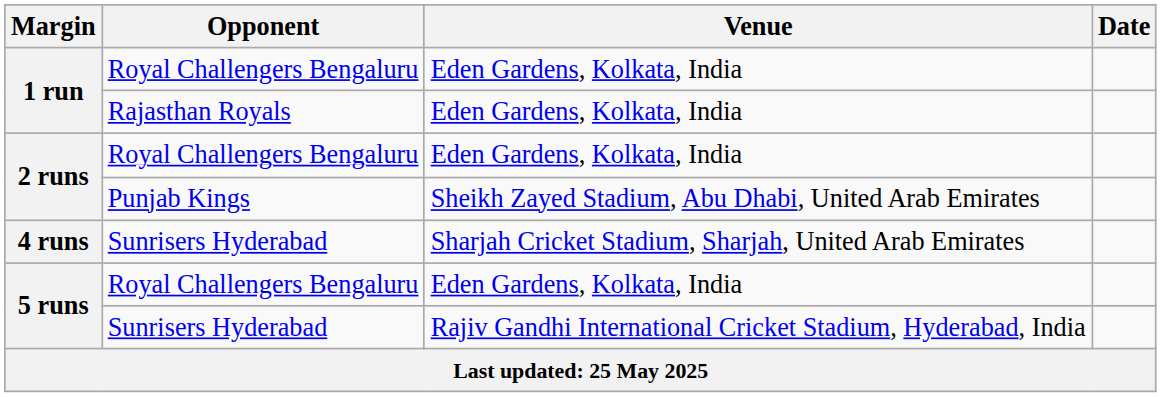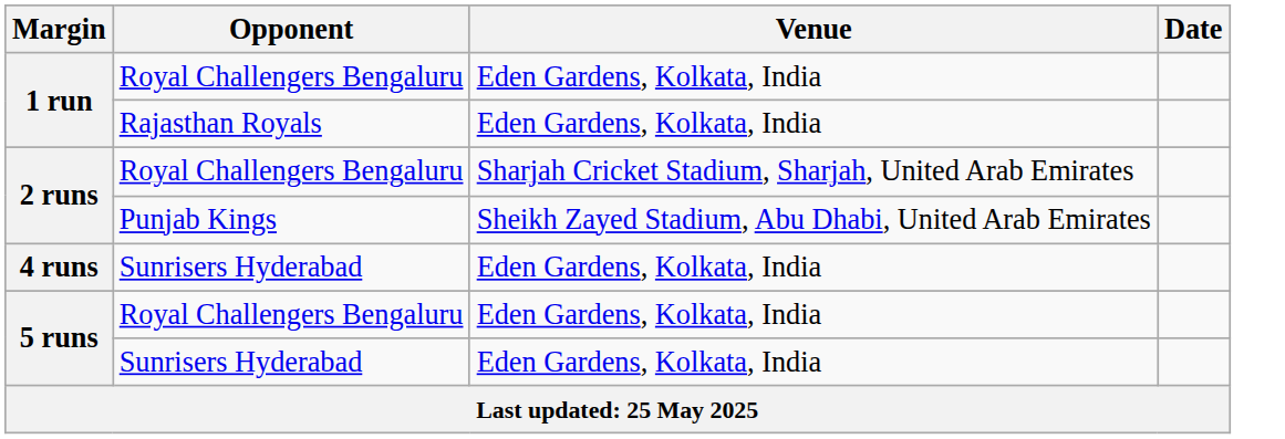 <table class="wikitable sortable" style="text-align:left;font-size:96%;">
 <tr>
 <th>Margin</th>
 <th>Opponent</th>
 <th>Venue</th>
 <th>Date</th>
 </tr>
 <tr>
 <th rowspan="2">1 run</th>
 <td><a href='#'>Royal Challengers Bengaluru</a></td>
 <td><a href='#'>Eden Gardens</a>, <a href='#'>Kolkata</a>, India</td>
 <td></td>
 </tr>
 <tr>
 <td><a href='#'>Rajasthan Royals</a></td>
 <td><a href='#'>Eden Gardens</a>, <a href='#'>Kolkata</a>, India</td>
 <td></td>
 </tr>
 <tr>
 <th rowspan="2">2 runs</th>
 <td><a href='#'>Royal Challengers Bengaluru</a></td>
-<td><a href='#'>Eden Gardens</a>, <a href='#'>Kolkata</a>, India</td>
+<td><a href='#'>Sharjah Cricket Stadium</a>, <a href='#'>Sharjah</a>, United Arab Emirates</td>
 <td></td>
 </tr>
 <tr>
 <td><a href='#'>Punjab Kings</a></td>
 <td><a href='#'>Sheikh Zayed Stadium</a>, <a href='#'>Abu Dhabi</a>, United Arab Emirates</td>
 <td></td>
 </tr>
 <tr>
 <th>4 runs</th>
 <td><a href='#'>Sunrisers Hyderabad</a></td>
-<td><a href='#'>Sharjah Cricket Stadium</a>, <a href='#'>Sharjah</a>, United Arab Emirates</td>
+<td><a href='#'>Eden Gardens</a>, <a href='#'>Kolkata</a>, India</td>
 <td></td>
 </tr>
 <tr>
 <th rowspan="2">5 runs</th>
 <td><a href='#'>Royal Challengers Bengaluru</a></td>
 <td><a href='#'>Eden Gardens</a>, <a href='#'>Kolkata</a>, India</td>
 <td></td>
 </tr>
 <tr>
 <td><a href='#'>Sunrisers Hyderabad</a></td>
-<td><a href='#'>Rajiv Gandhi International Cricket Stadium</a>, <a href='#'>Hyderabad</a>, India</td>
+<td><a href='#'>Eden Gardens</a>, <a href='#'>Kolkata</a>, India</td>
 <td></td>
 </tr>
 <tr class="sortbottom">
 <th colspan="4"><small>Last updated: 25 May 2025</small></th>
 </tr>
 </table>
